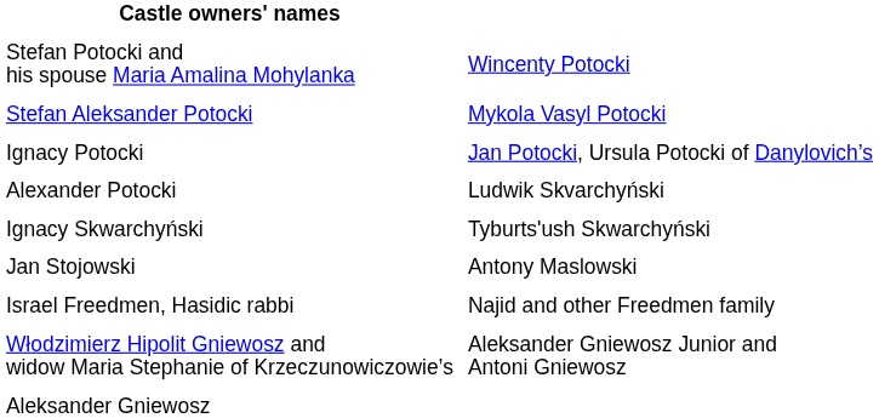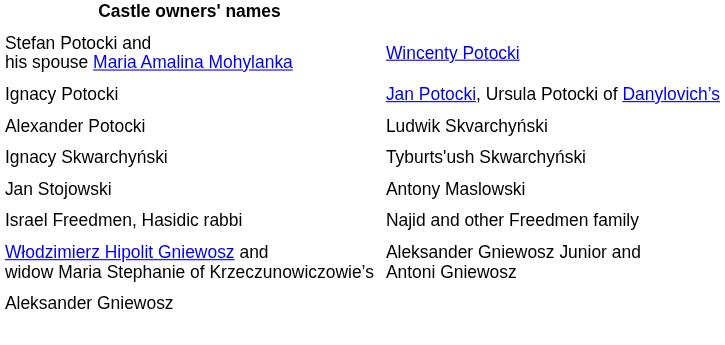 <table style="border-spacing: 9px; align: left">
 <tr>
 <th collspan="2" align="lef">Castle owners' names</th>
 </tr>
 <tr border="0">
 <td>Stefan Potocki and <br> his spouse <a href='#'>Maria Amalina Mohylanka</a></td>
 <td><a href='#'>Wincenty Potocki</a></td>
-</tr>
-<tr>
-<td><a href='#'>Stefan Aleksander Potocki</a></td>
-<td><a href='#'>Mykola Vasyl Potocki</a></td>
 </tr>
 <tr>
 <td>Ignacy Potocki</td>
 <td><a href='#'>Jan Potocki</a>, Ursula Potocki of <a href='#'>Danylovich’s</a></td>
 </tr>
 <tr>
 <td>Alexander Potocki</td>
 <td>Ludwik Skvarchyński</td>
 </tr>
 <tr>
 <td>Ignacy Skwarchyński</td>
 <td>Tyburts'ush Skwarchyński</td>
 </tr>
 <tr>
 <td>Jan Stojowski</td>
 <td>Antony Maslowski</td>
 </tr>
 <tr>
 <td>Israel Freedmen, Hasidic rabbi</td>
 <td>Najid and other Freedmen family</td>
 </tr>
 <tr>
 <td><a href='#'>Włodzimierz Hipolit Gniewosz</a> and <br> widow Maria Stephanie of Krzeczunowiczowie’s</td>
 <td>Aleksander Gniewosz Junior and <br> Antoni Gniewosz</td>
 </tr>
 <tr>
 <td>Aleksander Gniewosz</td>
 <td></td>
 </tr>
 </table>
